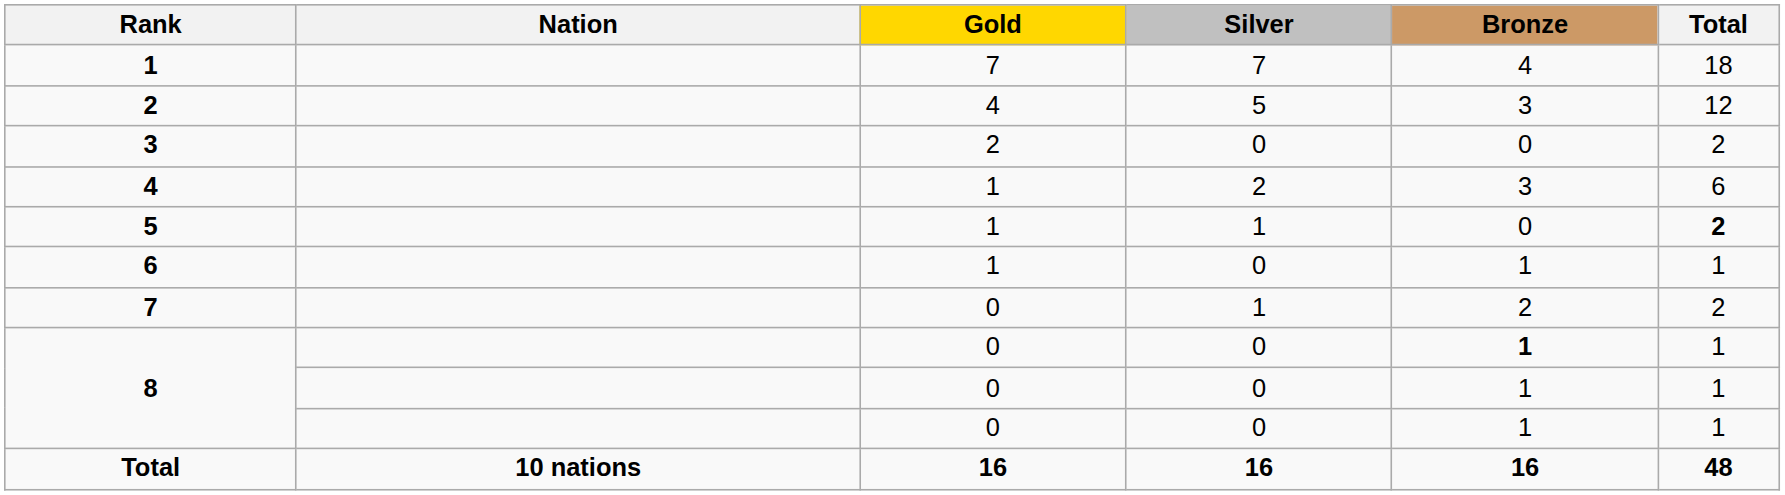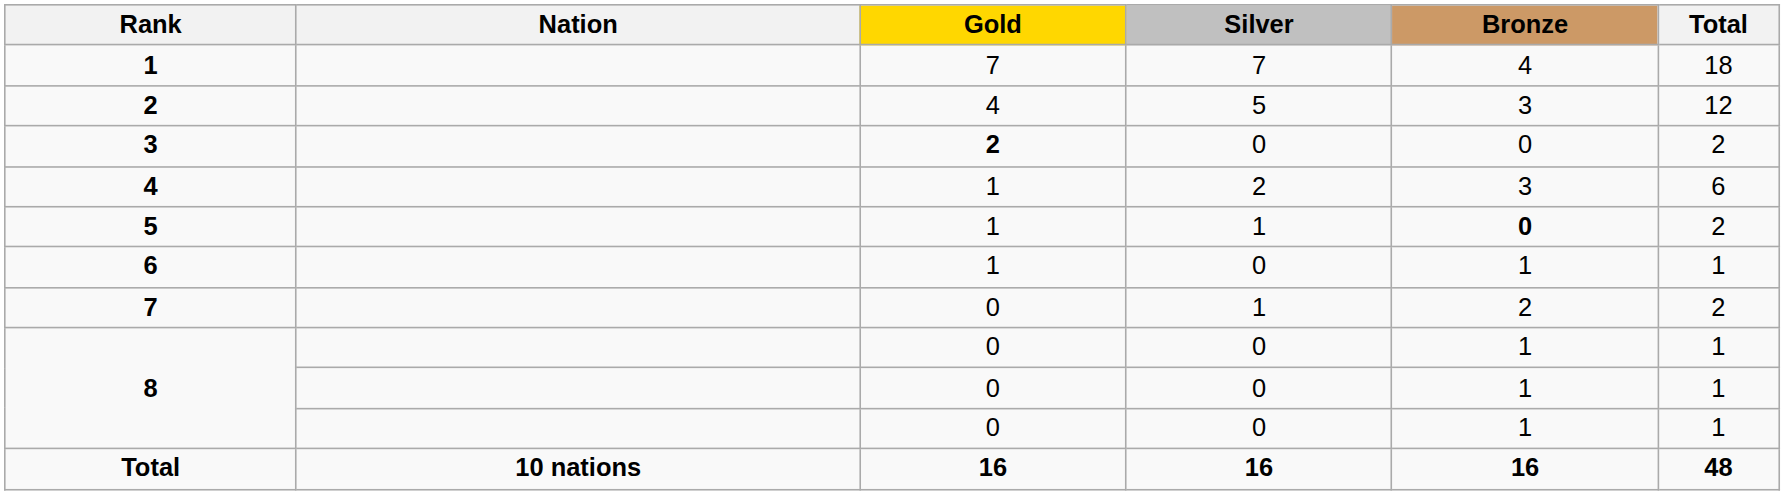 <table class="wikitable sortable plainrowheaders" width="70.5%" style="text-align:center;">
 <tr style="background-color:#EDEDED;">
 <th width=100px class="hintergrundfarbe5">Rank</th>
 <th width=200px class="hintergrundfarbe6">Nation</th>
 <th style="background:    gold; width:15%">Gold</th>
 <th style="background:  silver; width:15%">Silver</th>
 <th style="background: #CC9966; width:15%">Bronze</th>
 <th width=35px>Total</th>
 </tr>
 <tr>
 <td><strong>1</strong></td>
 <td align=left></td>
 <td>7</td>
 <td>7</td>
 <td>4</td>
 <td>18</td>
 </tr>
 <tr>
 <td><strong>2</strong></td>
 <td align=left></td>
 <td>4</td>
 <td>5</td>
 <td>3</td>
 <td>12</td>
 </tr>
 <tr>
 <td><strong>3</strong></td>
 <td align=left></td>
-<td>2</td>
+<td><strong>2</strong></td>
 <td>0</td>
 <td>0</td>
 <td>2</td>
 </tr>
 <tr>
 <td><strong>4</strong></td>
 <td align=left></td>
 <td>1</td>
 <td>2</td>
 <td>3</td>
 <td>6</td>
 </tr>
 <tr>
 <td><strong>5</strong></td>
 <td align=left></td>
 <td>1</td>
 <td>1</td>
-<td>0</td>
-<td><strong>2</strong></td>
+<td><strong>0</strong></td>
+<td>2</td>
 </tr>
 <tr>
 <td><strong>6</strong></td>
 <td align=left></td>
 <td>1</td>
 <td>0</td>
 <td>1</td>
 <td>1</td>
 </tr>
 <tr>
 <td><strong>7</strong></td>
 <td align=left></td>
 <td>0</td>
 <td>1</td>
 <td>2</td>
 <td>2</td>
 </tr>
 <tr>
 <td rowspan=3><strong>8</strong></td>
 <td align=left></td>
 <td>0</td>
 <td>0</td>
-<td><strong>1</strong></td>
+<td>1</td>
 <td>1</td>
 </tr>
 <tr>
 <td align=left></td>
 <td>0</td>
 <td>0</td>
 <td>1</td>
 <td>1</td>
 </tr>
 <tr>
 <td align=left></td>
 <td>0</td>
 <td>0</td>
 <td>1</td>
 <td>1</td>
 </tr>
 <tr>
 <td><strong>Total</strong></td>
 <td><strong>10 nations</strong></td>
 <td><strong>16</strong></td>
 <td><strong>16</strong></td>
 <td><strong>16</strong></td>
 <td><strong>48</strong></td>
 </tr>
 </table>
